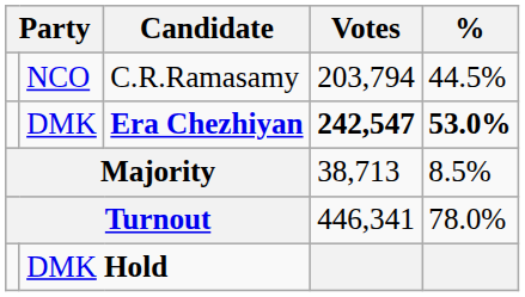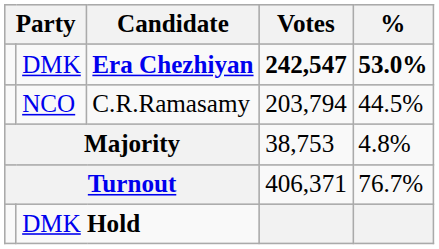 <table class="wikitable">
 <tr>
 <th colspan="2">Party</th>
 <th>Candidate</th>
 <th>Votes</th>
 <th>%</th>
 </tr>
 <tr>
 <td></td>
+<td><a href='#'>DMK</a></td>
+<td><strong><a href='#'>Era Chezhiyan</a></strong></td>
+<td><strong>242,547</strong></td>
+<td><strong>53.0%</strong></td>
+</tr>
+<tr>
+<td></td>
 <td><a href='#'>NCO</a></td>
 <td>C.R.Ramasamy</td>
 <td>203,794</td>
 <td>44.5%</td>
 </tr>
 <tr>
-<td></td>
-<td><a href='#'>DMK</a></td>
-<td><strong><a href='#'>Era Chezhiyan</a></strong></td>
-<td><strong>242,547</strong></td>
-<td><strong>53.0%</strong></td>
-</tr>
-<tr>
 <th colspan="3">Majority</th>
-<td>38,713</td>
-<td>8.5%</td>
+<td>38,753</td>
+<td>4.8%</td>
 </tr>
 <tr>
 <th colspan="3"><a href='#'>Turnout</a></th>
-<td>446,341</td>
-<td>78.0%</td>
+<td>406,371</td>
+<td>76.7%</td>
 </tr>
 <tr>
 <td></td>
 <td colspan="2"><a href='#'>DMK</a> <strong>Hold</strong></td>
 <th></th>
 <th></th>
 </tr>
 </table>
